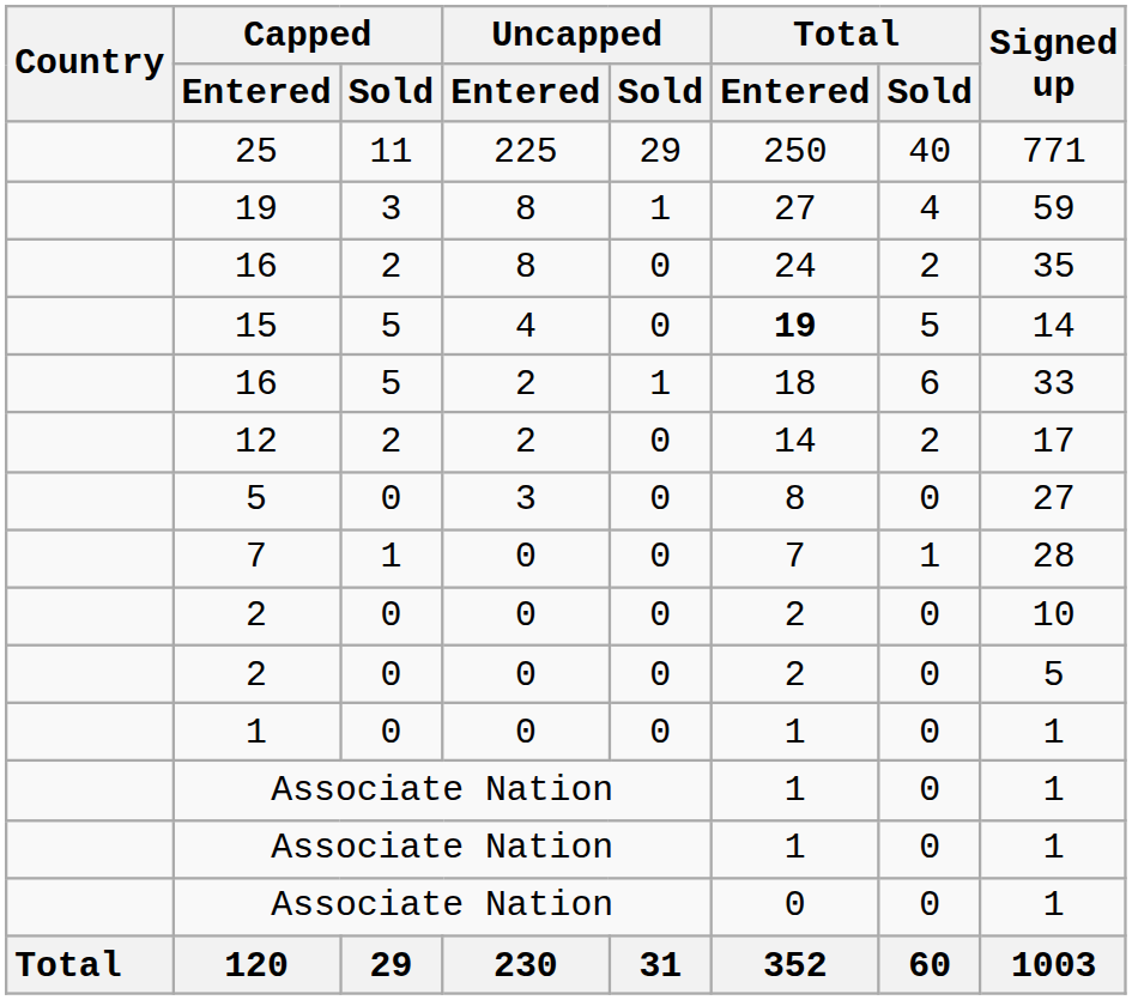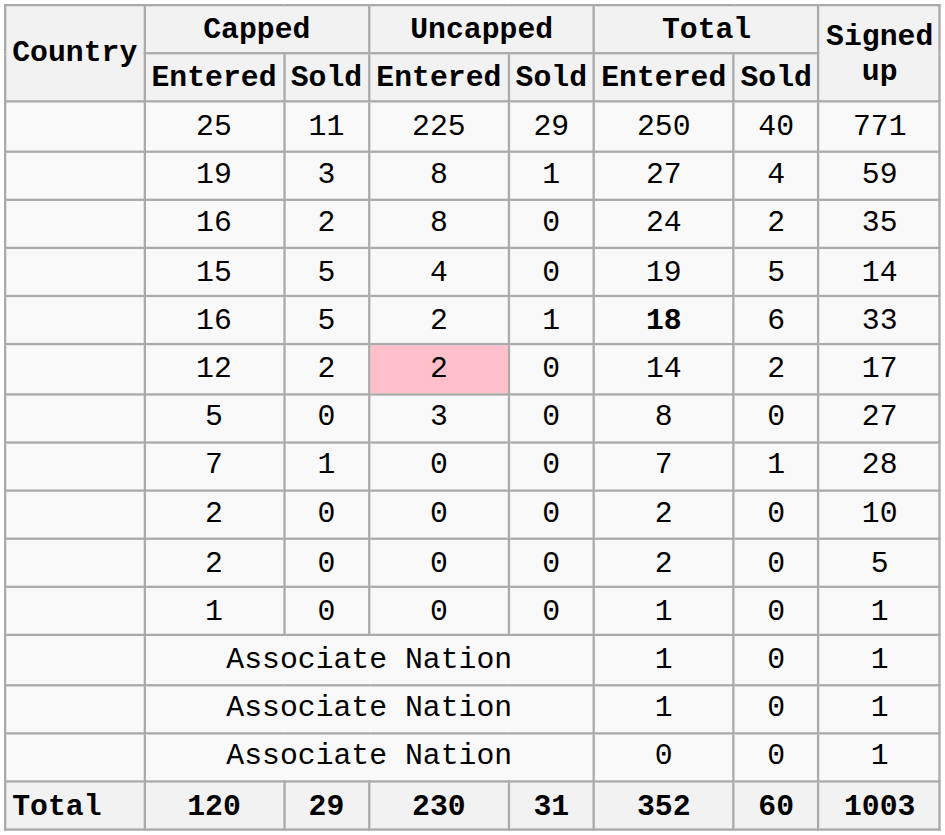 <table class="wikitable" style="text-align:center">
 <tr>
 <th rowspan="2">Country</th>
 <th colspan="2">Capped</th>
 <th colspan="2">Uncapped</th>
 <th colspan="2">Total</th>
 <th rowspan="2">Signed<br>up</th>
 </tr>
 <tr>
 <th>Entered</th>
 <th>Sold</th>
 <th>Entered</th>
 <th>Sold</th>
 <th>Entered</th>
 <th>Sold</th>
 </tr>
 <tr>
 <td style="text-align:left"></td>
 <td>25</td>
 <td>11</td>
 <td>225</td>
 <td>29</td>
 <td>250</td>
 <td>40</td>
 <td>771</td>
 </tr>
 <tr>
 <td style="text-align:left"></td>
 <td>19</td>
 <td>3</td>
 <td>8</td>
 <td>1</td>
 <td>27</td>
 <td>4</td>
 <td>59</td>
 </tr>
 <tr>
 <td style="text-align:left"></td>
 <td>16</td>
 <td>2</td>
 <td>8</td>
 <td>0</td>
 <td>24</td>
 <td>2</td>
 <td>35</td>
 </tr>
 <tr>
 <td style="text-align:left"></td>
 <td>15</td>
 <td>5</td>
 <td>4</td>
 <td>0</td>
-<td><strong>19</strong></td>
+<td>19</td>
 <td>5</td>
 <td>14</td>
 </tr>
 <tr>
 <td style="text-align:left"></td>
 <td>16</td>
 <td>5</td>
 <td>2</td>
 <td>1</td>
-<td>18</td>
+<td><strong>18</strong></td>
 <td>6</td>
 <td>33</td>
 </tr>
 <tr>
 <td style="text-align:left"></td>
 <td>12</td>
 <td>2</td>
-<td>2</td>
+<td style="background: pink;">2</td>
 <td>0</td>
 <td>14</td>
 <td>2</td>
 <td>17</td>
 </tr>
 <tr>
 <td style="text-align:left"></td>
 <td>5</td>
 <td>0</td>
 <td>3</td>
 <td>0</td>
 <td>8</td>
 <td>0</td>
 <td>27</td>
 </tr>
 <tr>
 <td style="text-align:left"></td>
 <td>7</td>
 <td>1</td>
 <td>0</td>
 <td>0</td>
 <td>7</td>
 <td>1</td>
 <td>28</td>
 </tr>
 <tr>
 <td style="text-align:left"></td>
 <td>2</td>
 <td>0</td>
 <td>0</td>
 <td>0</td>
 <td>2</td>
 <td>0</td>
 <td>10</td>
 </tr>
 <tr>
 <td style="text-align:left"></td>
 <td>2</td>
 <td>0</td>
 <td>0</td>
 <td>0</td>
 <td>2</td>
 <td>0</td>
 <td>5</td>
 </tr>
 <tr>
 <td style="text-align:left"></td>
 <td>1</td>
 <td>0</td>
 <td>0</td>
 <td>0</td>
 <td>1</td>
 <td>0</td>
 <td>1</td>
 </tr>
 <tr>
 <td style="text-align:left"></td>
 <td colspan="4">Associate Nation</td>
 <td>1</td>
 <td>0</td>
 <td>1</td>
 </tr>
 <tr>
 <td style="text-align:left"></td>
 <td colspan="4">Associate Nation</td>
 <td>1</td>
 <td>0</td>
 <td>1</td>
 </tr>
 <tr>
 <td style="text-align:left"></td>
 <td colspan="4">Associate Nation</td>
 <td>0</td>
 <td>0</td>
 <td>1</td>
 </tr>
 <tr>
 <th style="text-align:left">Total</th>
 <th>120</th>
 <th>29</th>
 <th>230</th>
 <th>31</th>
 <th>352</th>
 <th>60</th>
 <th>1003</th>
 </tr>
 </table>
